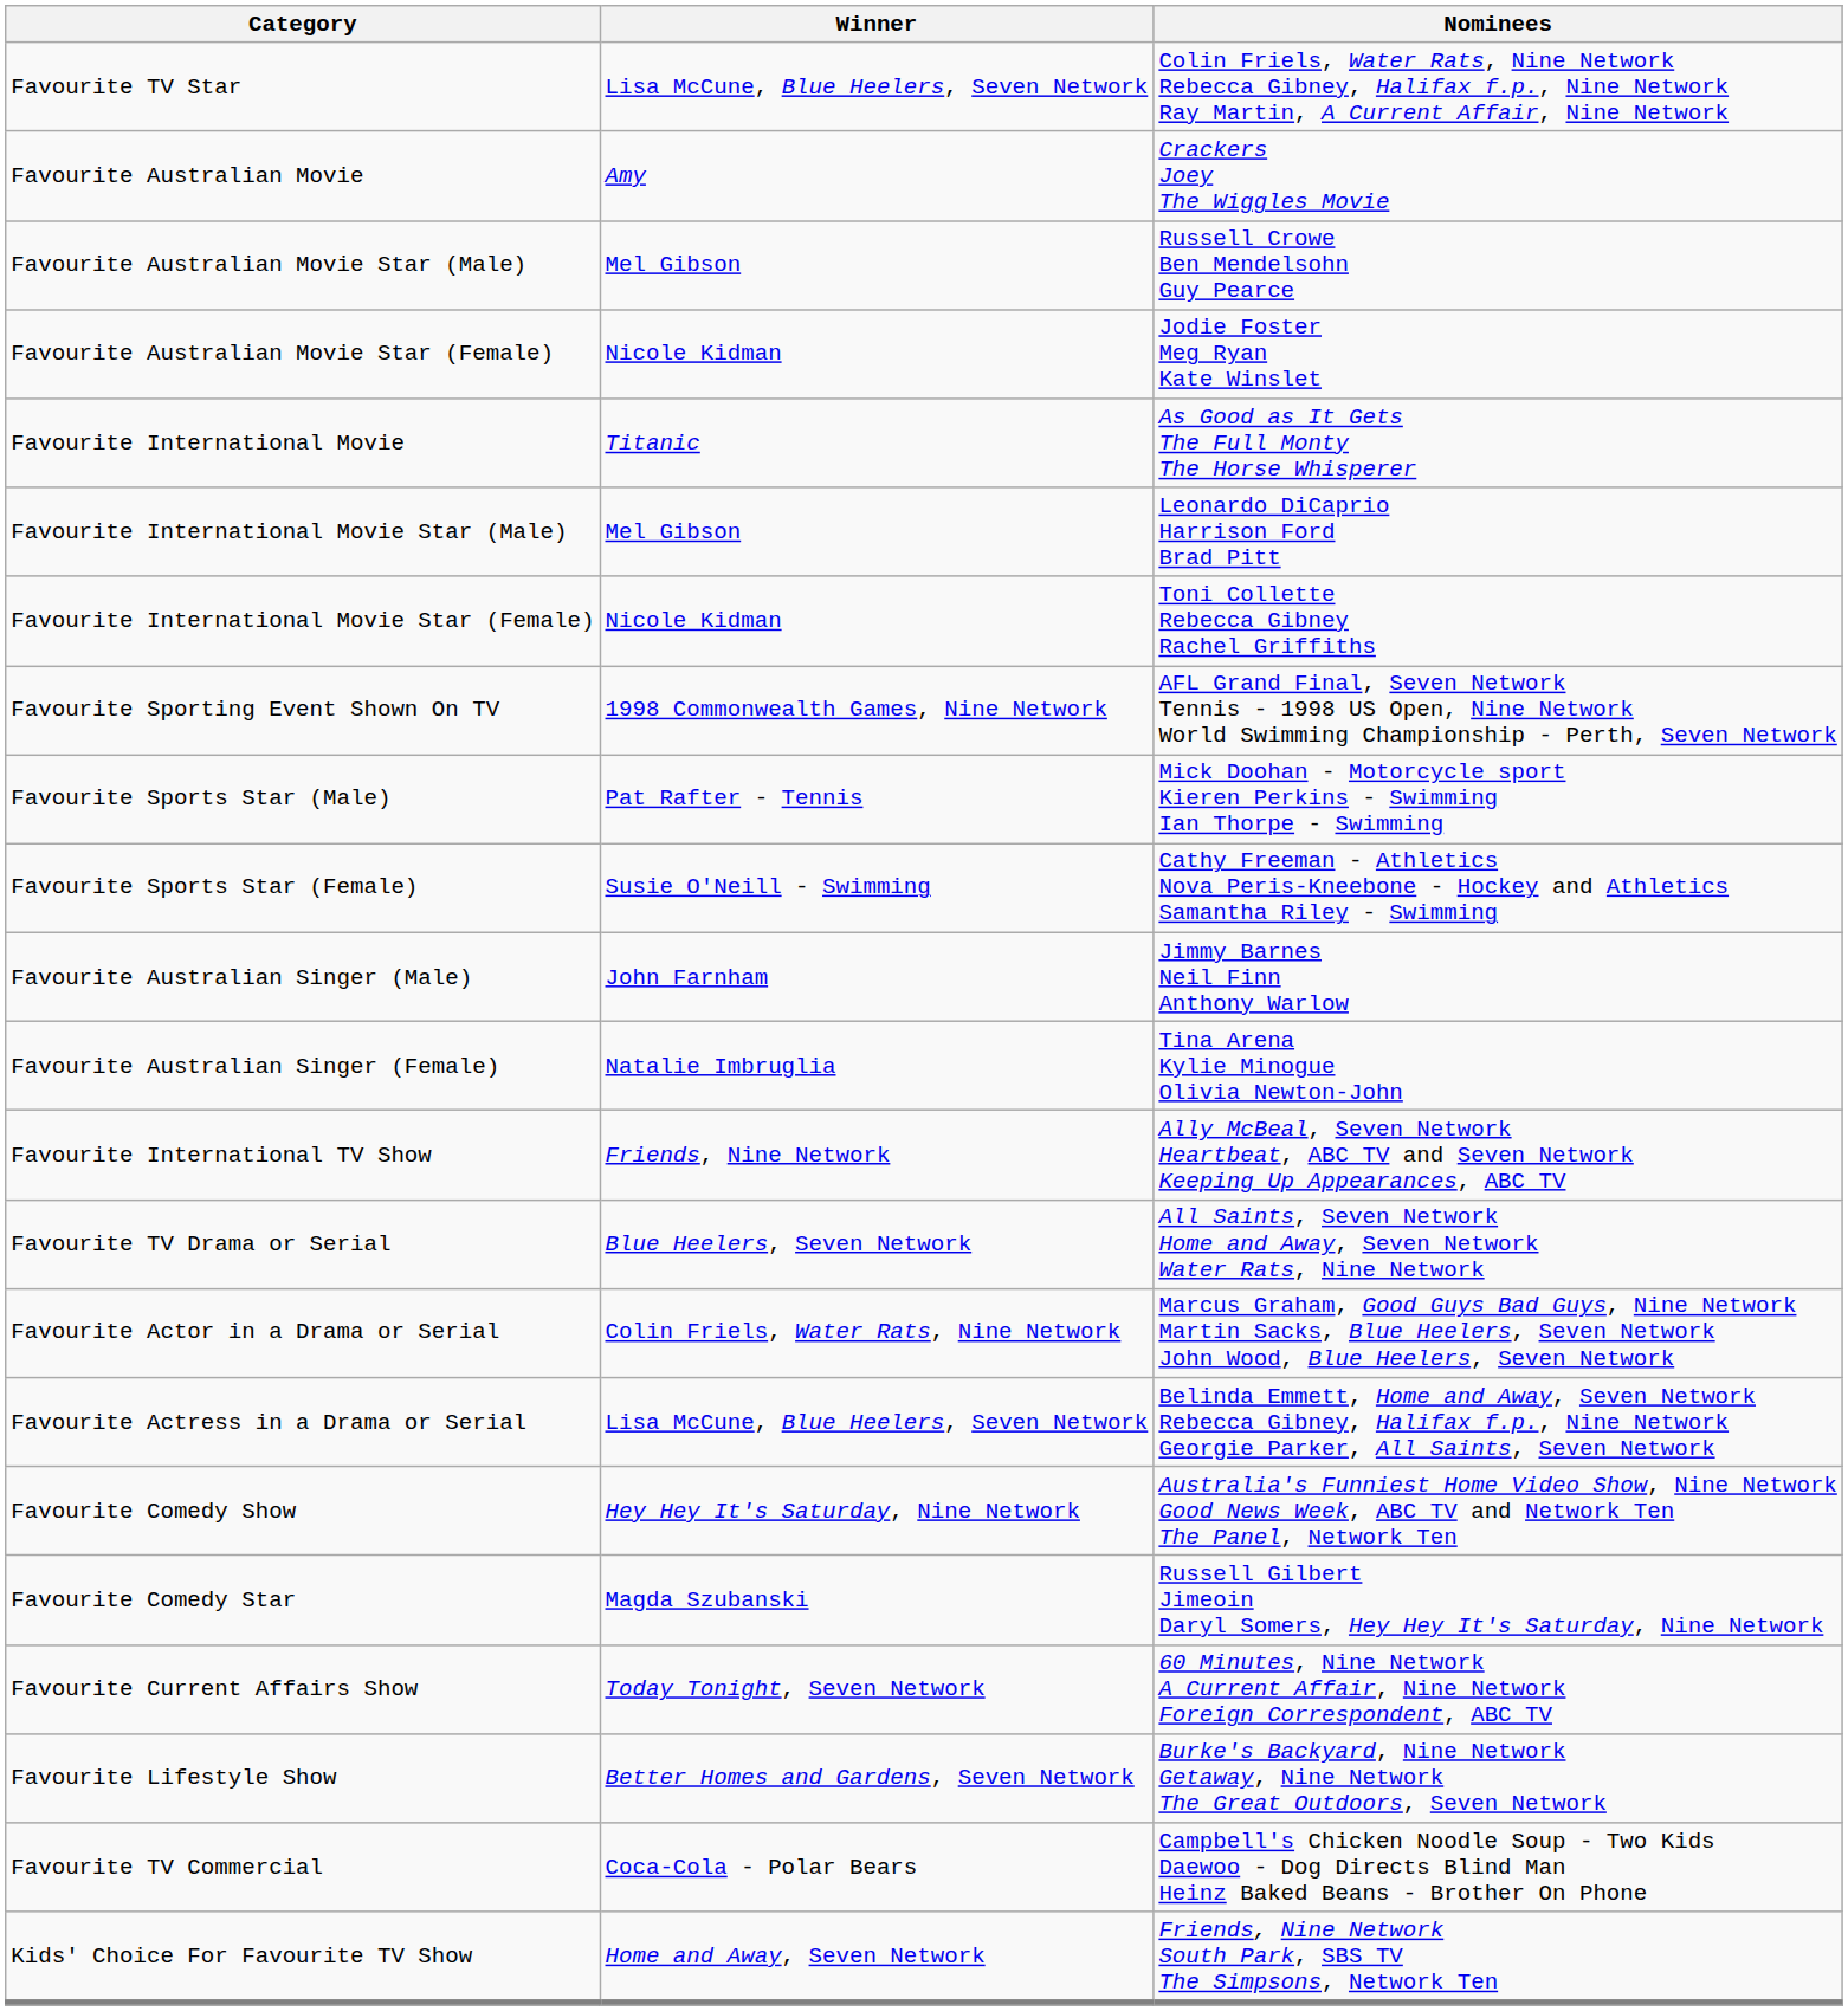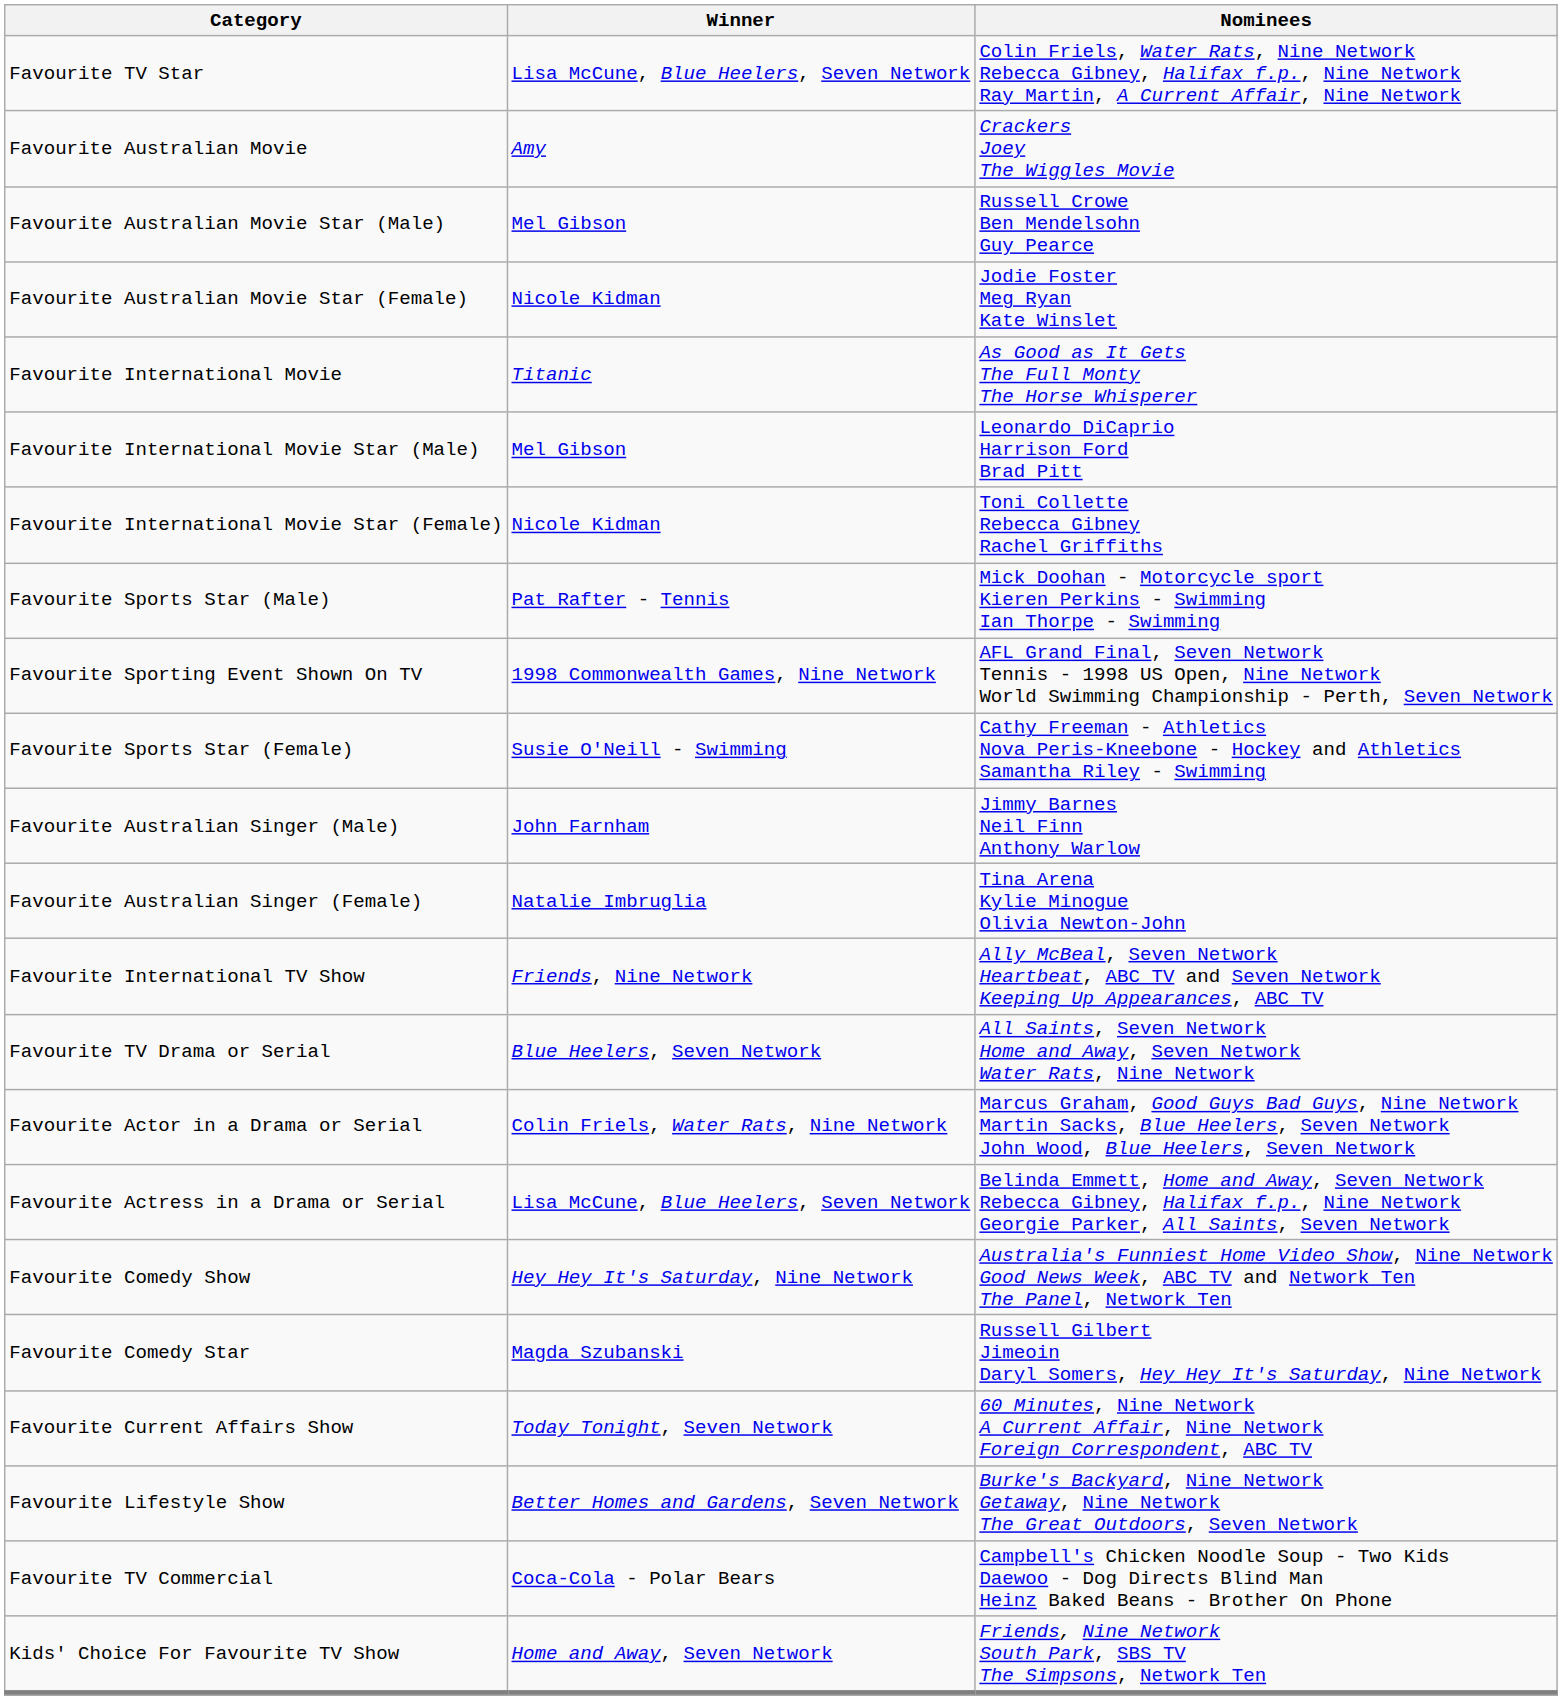 <table class="wikitable" border="1">
 <tr>
 <th>Category</th>
 <th>Winner</th>
 <th>Nominees</th>
 </tr>
 <tr>
 <td>Favourite TV Star</td>
 <td><a href='#'>Lisa McCune</a>, <em><a href='#'>Blue Heelers</a></em>, <a href='#'>Seven Network</a></td>
 <td><a href='#'>Colin Friels</a>, <em><a href='#'>Water Rats</a></em>, <a href='#'>Nine Network</a><br><a href='#'>Rebecca Gibney</a>, <em><a href='#'>Halifax f.p.</a></em>, <a href='#'>Nine Network</a><br><a href='#'>Ray Martin</a>, <em><a href='#'>A Current Affair</a></em>, <a href='#'>Nine Network</a></td>
 </tr>
 <tr>
 <td>Favourite Australian Movie</td>
 <td><em><a href='#'>Amy</a></em></td>
 <td><em><a href='#'>Crackers</a></em><br><em><a href='#'>Joey</a></em><br><em><a href='#'>The Wiggles Movie</a></em></td>
 </tr>
 <tr>
 <td>Favourite Australian Movie Star (Male)</td>
 <td><a href='#'>Mel Gibson</a></td>
 <td><a href='#'>Russell Crowe</a><br><a href='#'>Ben Mendelsohn</a><br><a href='#'>Guy Pearce</a></td>
 </tr>
 <tr>
 <td>Favourite Australian Movie Star (Female)</td>
 <td><a href='#'>Nicole Kidman</a></td>
 <td><a href='#'>Jodie Foster</a><br><a href='#'>Meg Ryan</a><br><a href='#'>Kate Winslet</a></td>
 </tr>
 <tr>
 <td>Favourite International Movie</td>
 <td><em><a href='#'>Titanic</a></em></td>
 <td><em><a href='#'>As Good as It Gets</a></em><br><em><a href='#'>The Full Monty</a></em><br><em><a href='#'>The Horse Whisperer</a></em></td>
 </tr>
 <tr>
 <td>Favourite International Movie Star (Male)</td>
 <td><a href='#'>Mel Gibson</a></td>
 <td><a href='#'>Leonardo DiCaprio</a><br><a href='#'>Harrison Ford</a><br><a href='#'>Brad Pitt</a></td>
 </tr>
 <tr>
 <td>Favourite International Movie Star (Female)</td>
 <td><a href='#'>Nicole Kidman</a></td>
 <td><a href='#'>Toni Collette</a><br><a href='#'>Rebecca Gibney</a><br><a href='#'>Rachel Griffiths</a></td>
 </tr>
 <tr>
+<td>Favourite Sports Star (Male)</td>
+<td><a href='#'>Pat Rafter</a> - <a href='#'>Tennis</a></td>
+<td><a href='#'>Mick Doohan</a> - <a href='#'>Motorcycle sport</a><br><a href='#'>Kieren Perkins</a> - <a href='#'>Swimming</a><br><a href='#'>Ian Thorpe</a> - <a href='#'>Swimming</a></td>
+</tr>
+<tr>
 <td>Favourite Sporting Event Shown On TV</td>
 <td><a href='#'>1998 Commonwealth Games</a>, <a href='#'>Nine Network</a></td>
 <td><a href='#'>AFL Grand Final</a>, <a href='#'>Seven Network</a><br>Tennis - 1998 US Open, <a href='#'>Nine Network</a><br>World Swimming Championship - Perth, <a href='#'>Seven Network</a></td>
-</tr>
-<tr>
-<td>Favourite Sports Star (Male)</td>
-<td><a href='#'>Pat Rafter</a> - <a href='#'>Tennis</a></td>
-<td><a href='#'>Mick Doohan</a> - <a href='#'>Motorcycle sport</a><br><a href='#'>Kieren Perkins</a> - <a href='#'>Swimming</a><br><a href='#'>Ian Thorpe</a> - <a href='#'>Swimming</a></td>
 </tr>
 <tr>
 <td>Favourite Sports Star (Female)</td>
 <td><a href='#'>Susie O'Neill</a> - <a href='#'>Swimming</a></td>
 <td><a href='#'>Cathy Freeman</a> - <a href='#'>Athletics</a><br><a href='#'>Nova Peris-Kneebone</a> - <a href='#'>Hockey</a> and <a href='#'>Athletics</a><br><a href='#'>Samantha Riley</a> - <a href='#'>Swimming</a></td>
 </tr>
 <tr>
 <td>Favourite Australian Singer (Male)</td>
 <td><a href='#'>John Farnham</a></td>
 <td><a href='#'>Jimmy Barnes</a><br><a href='#'>Neil Finn</a><br><a href='#'>Anthony Warlow</a></td>
 </tr>
 <tr>
 <td>Favourite Australian Singer (Female)</td>
 <td><a href='#'>Natalie Imbruglia</a></td>
 <td><a href='#'>Tina Arena</a><br><a href='#'>Kylie Minogue</a><br><a href='#'>Olivia Newton-John</a></td>
 </tr>
 <tr>
 <td>Favourite International TV Show</td>
 <td><em><a href='#'>Friends</a></em>, <a href='#'>Nine Network</a></td>
 <td><em><a href='#'>Ally McBeal</a></em>, <a href='#'>Seven Network</a><br><em><a href='#'>Heartbeat</a></em>, <a href='#'>ABC TV</a> and <a href='#'>Seven Network</a><br><em><a href='#'>Keeping Up Appearances</a></em>,  <a href='#'>ABC TV</a></td>
 </tr>
 <tr>
 <td>Favourite TV Drama or Serial</td>
 <td><em><a href='#'>Blue Heelers</a></em>, <a href='#'>Seven Network</a></td>
 <td><em><a href='#'>All Saints</a></em>, <a href='#'>Seven Network</a><br><em><a href='#'>Home and Away</a></em>, <a href='#'>Seven Network</a><br><em><a href='#'>Water Rats</a></em>, <a href='#'>Nine Network</a></td>
 </tr>
 <tr>
 <td>Favourite Actor in a Drama or Serial</td>
 <td><a href='#'>Colin Friels</a>, <em><a href='#'>Water Rats</a></em>, <a href='#'>Nine Network</a></td>
 <td><a href='#'>Marcus Graham</a>, <em><a href='#'>Good Guys Bad Guys</a></em>, <a href='#'>Nine Network</a><br><a href='#'>Martin Sacks</a>, <em><a href='#'>Blue Heelers</a></em>, <a href='#'>Seven Network</a><br><a href='#'>John Wood</a>, <em><a href='#'>Blue Heelers</a></em>, <a href='#'>Seven Network</a></td>
 </tr>
 <tr>
 <td>Favourite Actress in a Drama or Serial</td>
 <td><a href='#'>Lisa McCune</a>, <em><a href='#'>Blue Heelers</a></em>, <a href='#'>Seven Network</a></td>
 <td><a href='#'>Belinda Emmett</a>, <em><a href='#'>Home and Away</a></em>, <a href='#'>Seven Network</a><br><a href='#'>Rebecca Gibney</a>, <em><a href='#'>Halifax f.p.</a></em>, <a href='#'>Nine Network</a><br><a href='#'>Georgie Parker</a>, <em><a href='#'>All Saints</a></em>, <a href='#'>Seven Network</a></td>
 </tr>
 <tr>
 <td>Favourite Comedy Show</td>
 <td><em><a href='#'>Hey Hey It's Saturday</a></em>, <a href='#'>Nine Network</a></td>
 <td><em><a href='#'>Australia's Funniest Home Video Show</a></em>, <a href='#'>Nine Network</a><br><em><a href='#'>Good News Week</a></em>, <a href='#'>ABC TV</a> and <a href='#'>Network Ten</a><br><em><a href='#'>The Panel</a></em>, <a href='#'>Network Ten</a></td>
 </tr>
 <tr>
 <td>Favourite Comedy Star</td>
 <td><a href='#'>Magda Szubanski</a></td>
 <td><a href='#'>Russell Gilbert</a><br><a href='#'>Jimeoin</a><br><a href='#'>Daryl Somers</a>, <em><a href='#'>Hey Hey It's Saturday</a></em>, <a href='#'>Nine Network</a></td>
 </tr>
 <tr>
 <td>Favourite Current Affairs Show</td>
 <td><em><a href='#'>Today Tonight</a></em>, <a href='#'>Seven Network</a></td>
 <td><em><a href='#'>60 Minutes</a></em>, <a href='#'>Nine Network</a><br><em><a href='#'>A Current Affair</a></em>, <a href='#'>Nine Network</a><br><em><a href='#'>Foreign Correspondent</a></em>, <a href='#'>ABC TV</a></td>
 </tr>
 <tr>
 <td>Favourite Lifestyle Show</td>
 <td><em><a href='#'>Better Homes and Gardens</a></em>, <a href='#'>Seven Network</a></td>
 <td><em><a href='#'>Burke's Backyard</a></em>, <a href='#'>Nine Network</a><br><em><a href='#'>Getaway</a></em>, <a href='#'>Nine Network</a><br><em><a href='#'>The Great Outdoors</a></em>, <a href='#'>Seven Network</a></td>
 </tr>
 <tr>
 <td>Favourite TV Commercial</td>
 <td><a href='#'>Coca-Cola</a> - Polar Bears</td>
 <td><a href='#'>Campbell's</a> Chicken Noodle Soup - Two Kids<br><a href='#'>Daewoo</a> - Dog Directs Blind Man <br><a href='#'>Heinz</a> Baked Beans - Brother On Phone</td>
 </tr>
 <tr>
 <td style="border-bottom: 6px solid grey">Kids' Choice For Favourite TV Show</td>
 <td style="border-bottom: 6px solid grey"><em><a href='#'>Home and Away</a></em>, <a href='#'>Seven Network</a></td>
 <td style="border-bottom: 6px solid grey"><em><a href='#'>Friends</a>, <a href='#'>Nine Network</a></em><br><em><a href='#'>South Park</a></em>, <a href='#'>SBS TV</a><br><em><a href='#'>The Simpsons</a></em>, <a href='#'>Network Ten</a></td>
 </tr>
 <tr>
 </tr>
 </table>
